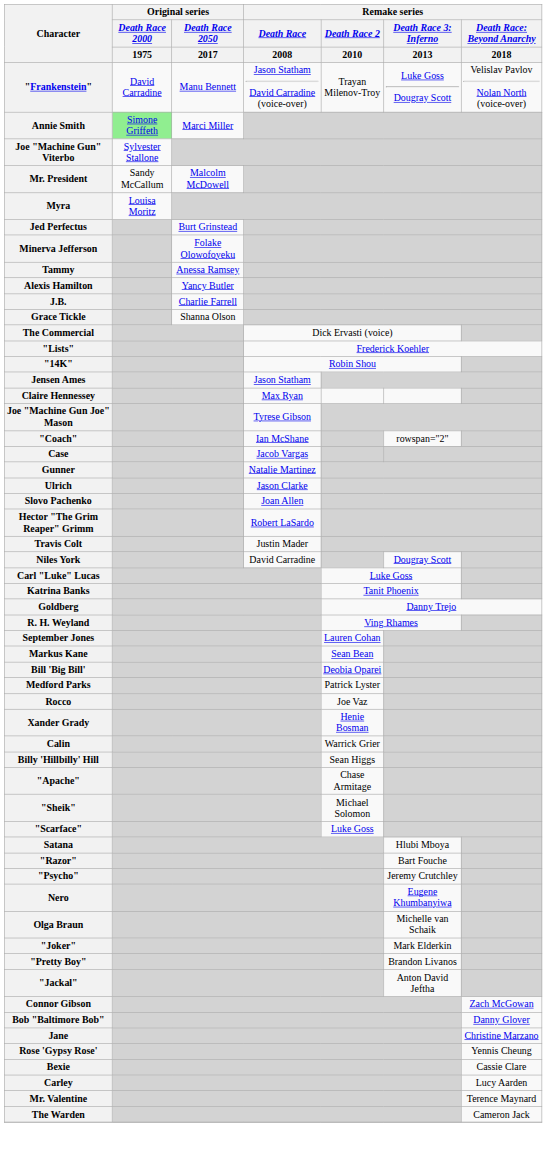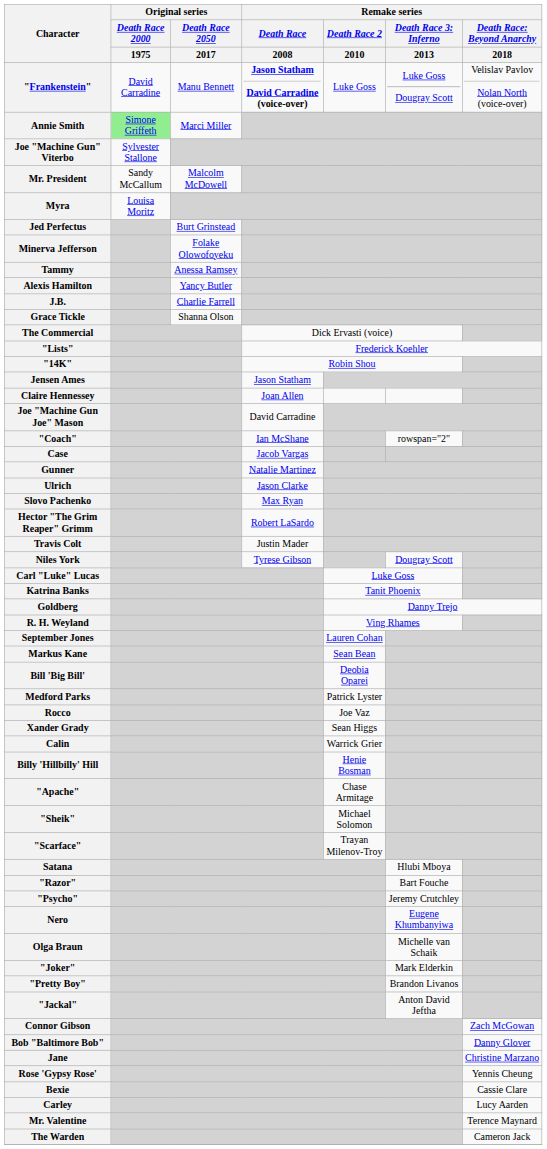 <table class="wikitable" style="text-align:center">
 <tr>
 <th rowspan="3">Character</th>
 <th colspan="2">Original series</th>
 <th colspan="4">Remake series</th>
 </tr>
 <tr>
 <th><em><a href='#'>Death Race 2000</a></em></th>
 <th><em><a href='#'>Death Race 2050</a></em></th>
 <th><em><a href='#'>Death Race</a></em></th>
 <th><em><a href='#'>Death Race 2</a></em></th>
 <th><em><a href='#'>Death Race 3: Inferno</a></em></th>
 <th><em><a href='#'>Death Race: Beyond Anarchy</a></em></th>
 </tr>
 <tr>
 <th>1975</th>
 <th>2017</th>
 <th>2008</th>
 <th>2010</th>
 <th>2013</th>
 <th>2018</th>
 </tr>
 <tr>
 <th>"<a href='#'>Frankenstein</a>"</th>
 <td><a href='#'>David Carradine</a></td>
 <td><a href='#'>Manu Bennett</a></td>
-<td><a href='#'>Jason Statham</a><hr><a href='#'>David Carradine</a> (voice-over)</td>
-<td>Trayan Milenov-Troy</td>
+<td><strong><a href='#'>Jason Statham</a><hr><a href='#'>David Carradine</a> (voice-over)</strong></td>
+<td><a href='#'>Luke Goss</a></td>
 <td><a href='#'>Luke Goss</a><hr><a href='#'>Dougray Scott</a></td>
 <td>Velislav Pavlov<hr><a href='#'>Nolan North</a> (voice-over)</td>
 </tr>
 <tr>
 <th>Annie Smith</th>
 <td style="background: lightgreen;"><a href='#'>Simone Griffeth</a></td>
 <td><a href='#'>Marci Miller</a></td>
 <td colspan="4" style="background:lightgrey;"> </td>
 </tr>
 <tr>
 <th>Joe "Machine Gun" Viterbo</th>
 <td><a href='#'>Sylvester Stallone</a></td>
 <td colspan="7" style="background:lightgrey;"> </td>
 </tr>
 <tr>
 <th>Mr. President</th>
 <td>Sandy McCallum</td>
 <td><a href='#'>Malcolm McDowell</a></td>
 <td colspan="4" style="background:lightgrey;"> </td>
 </tr>
 <tr>
 <th>Myra</th>
 <td><a href='#'>Louisa Moritz</a></td>
 <td colspan="5" style="background:lightgrey;"> </td>
 </tr>
 <tr>
 <th>Jed Perfectus</th>
 <td style="background:lightgrey;"> </td>
 <td><a href='#'>Burt Grinstead</a></td>
 <td colspan="4" style="background:lightgrey;"> </td>
 </tr>
 <tr>
 <th>Minerva Jefferson</th>
 <td style="background:lightgrey;"> </td>
 <td><a href='#'>Folake Olowofoyeku</a></td>
 <td colspan="4" style="background:lightgrey;"> </td>
 </tr>
 <tr>
 <th>Tammy</th>
 <td style="background:lightgrey;"> </td>
 <td><a href='#'>Anessa Ramsey</a></td>
 <td colspan="4" style="background:lightgrey;"> </td>
 </tr>
 <tr>
 <th>Alexis Hamilton</th>
 <td style="background:lightgrey;"> </td>
 <td><a href='#'>Yancy Butler</a></td>
 <td colspan="4" style="background:lightgrey;"> </td>
 </tr>
 <tr>
 <th>J.B.</th>
 <td style="background:lightgrey;"> </td>
 <td><a href='#'>Charlie Farrell</a></td>
 <td colspan="4" style="background:lightgrey;"> </td>
 </tr>
 <tr>
 <th>Grace Tickle</th>
 <td style="background:lightgrey;"> </td>
 <td>Shanna Olson</td>
 <td colspan="4" style="background:lightgrey;"> </td>
 </tr>
 <tr>
 <th>The Commercial</th>
 <td colspan="2" style="background:lightgrey;"> </td>
 <td colspan="3">Dick Ervasti (voice)</td>
 <td style="background:lightgrey;"> </td>
 </tr>
 <tr>
 <th>"Lists"</th>
 <td colspan="2" style="background:lightgrey;"> </td>
 <td colspan="4"><a href='#'>Frederick Koehler</a></td>
 </tr>
 <tr>
 <th>"14K"</th>
 <td colspan="2" style="background:lightgrey;"> </td>
 <td colspan="3"><a href='#'>Robin Shou</a></td>
 <td style="background:lightgrey;"> </td>
 </tr>
 <tr>
 <th>Jensen Ames</th>
 <td colspan="2" style="background:lightgrey;"> </td>
 <td><a href='#'>Jason Statham</a></td>
 <td colspan="3" style="background:lightgrey;"> </td>
 </tr>
 <tr>
 <th>Claire Hennessey</th>
 <td colspan="2" style="background:lightgrey;"> </td>
-<td><a href='#'>Max Ryan</a></td>
+<td><a href='#'>Joan Allen</a></td>
 <td></td>
 <td></td>
 <td style="background:lightgrey;"> </td>
 </tr>
 <tr>
 <th>Joe "Machine Gun Joe" Mason</th>
 <td colspan="2" style="background:lightgrey;"> </td>
-<td><a href='#'>Tyrese Gibson</a></td>
+<td>David Carradine</td>
 <td colspan="3" style="background:lightgrey;"> </td>
 </tr>
 <tr>
 <th>"Coach"</th>
 <td colspan="2" style="background:lightgrey;"> </td>
 <td><a href='#'>Ian McShane</a></td>
 <td style="background:lightgrey;"> </td>
 <td>rowspan="2" </td>
 <td colspan="2" style="background:lightgrey;"> </td>
 </tr>
 <tr>
 <th>Case</th>
 <td colspan="2" style="background:lightgrey;"> </td>
 <td><a href='#'>Jacob Vargas</a></td>
 <td style="background:lightgrey;"> </td>
 <td colspan="2" style="background:lightgrey;"> </td>
 </tr>
 <tr>
 <th>Gunner</th>
 <td colspan="2" style="background:lightgrey;"> </td>
 <td><a href='#'>Natalie Martinez</a></td>
 <td colspan="3" style="background:lightgrey;"> </td>
 </tr>
 <tr>
 <th>Ulrich</th>
 <td colspan="2" style="background:lightgrey;"> </td>
 <td><a href='#'>Jason Clarke</a></td>
 <td colspan="3" style="background:lightgrey;"> </td>
 </tr>
 <tr>
 <th>Slovo Pachenko</th>
 <td colspan="2" style="background:lightgrey;"> </td>
-<td><a href='#'>Joan Allen</a></td>
+<td><a href='#'>Max Ryan</a></td>
 <td colspan="3" style="background:lightgrey;"> </td>
 </tr>
 <tr>
 <th>Hector "The Grim Reaper" Grimm</th>
 <td colspan="2" style="background:lightgrey;"> </td>
 <td><a href='#'>Robert LaSardo</a></td>
 <td colspan="3" style="background:lightgrey;"> </td>
 </tr>
 <tr>
 <th>Travis Colt</th>
 <td colspan="2" style="background:lightgrey;"> </td>
 <td>Justin Mader</td>
 <td colspan="3" style="background:lightgrey;"> </td>
 </tr>
 <tr>
 <th>Niles York</th>
 <td colspan="2" style="background:lightgrey;"></td>
-<td>David Carradine</td>
+<td><a href='#'>Tyrese Gibson</a></td>
 <td style="background:lightgrey;"></td>
 <td><a href='#'>Dougray Scott</a></td>
 <td style="background:lightgrey;"> </td>
 </tr>
 <tr>
 <th>Carl "Luke" Lucas</th>
 <td colspan="3" style="background:lightgrey;"> </td>
 <td colspan="2"><a href='#'>Luke Goss</a></td>
 <td style="background:lightgrey;"> </td>
 </tr>
 <tr>
 <th>Katrina Banks</th>
 <td colspan="3" style="background:lightgrey;"> </td>
 <td colspan="2"><a href='#'>Tanit Phoenix</a></td>
 <td style="background:lightgrey;"> </td>
 </tr>
 <tr>
 <th>Goldberg</th>
 <td colspan="3" style="background:lightgrey;"> </td>
 <td colspan="3"><a href='#'>Danny Trejo</a></td>
 </tr>
 <tr>
 <th>R. H. Weyland</th>
 <td colspan="3" style="background:lightgrey;"> </td>
 <td colspan="2"><a href='#'>Ving Rhames</a></td>
 <td style="background:lightgrey;"> </td>
 </tr>
 <tr>
 <th>September Jones</th>
 <td colspan="3" style="background:lightgrey;"> </td>
 <td><a href='#'>Lauren Cohan</a></td>
 <td colspan="2" style="background:lightgrey;"> </td>
 </tr>
 <tr>
 <th>Markus Kane</th>
 <td colspan="3" style="background:lightgrey;"> </td>
 <td><a href='#'>Sean Bean</a></td>
 <td colspan="2" style="background:lightgrey;"> </td>
 </tr>
 <tr>
 <th>Bill 'Big Bill'</th>
 <td colspan="3" style="background:lightgrey;"> </td>
 <td><a href='#'>Deobia Oparei</a></td>
 <td colspan="2" style="background:lightgrey;"> </td>
 </tr>
 <tr>
 <th>Medford Parks</th>
 <td colspan="3" style="background:lightgrey;"> </td>
 <td>Patrick Lyster</td>
 <td colspan="2" style="background:lightgrey;"> </td>
 </tr>
 <tr>
 <th>Rocco</th>
 <td colspan="3" style="background:lightgrey;"> </td>
 <td>Joe Vaz</td>
 <td colspan="2" style="background:lightgrey;"> </td>
 </tr>
 <tr>
 <th>Xander Grady</th>
 <td colspan="3" style="background:lightgrey;"> </td>
-<td><a href='#'>Henie Bosman</a></td>
+<td>Sean Higgs</td>
 <td colspan="2" style="background:lightgrey;"> </td>
 </tr>
 <tr>
 <th>Calin</th>
 <td colspan="3" style="background:lightgrey;"> </td>
 <td>Warrick Grier</td>
 <td colspan="2" style="background:lightgrey;"> </td>
 </tr>
 <tr>
 <th>Billy 'Hillbilly' Hill</th>
 <td colspan="3" style="background:lightgrey;"> </td>
-<td>Sean Higgs</td>
+<td><a href='#'>Henie Bosman</a></td>
 <td colspan="2" style="background:lightgrey;"> </td>
 </tr>
 <tr>
 <th>"Apache"</th>
 <td colspan="3" style="background:lightgrey;"> </td>
 <td>Chase Armitage</td>
 <td colspan="2" style="background:lightgrey;"> </td>
 </tr>
 <tr>
 <th>"Sheik"</th>
 <td colspan="3" style="background:lightgrey;"> </td>
 <td>Michael Solomon</td>
 <td colspan="2" style="background:lightgrey;"> </td>
 </tr>
 <tr>
 <th>"Scarface"</th>
 <td colspan="3" style="background:lightgrey;"> </td>
-<td><a href='#'>Luke Goss</a></td>
+<td>Trayan Milenov-Troy</td>
 <td colspan="2" style="background:lightgrey;"> </td>
 </tr>
 <tr>
 <th>Satana</th>
 <td colspan="4" style="background:lightgrey;"> </td>
 <td>Hlubi Mboya</td>
 <td style="background:lightgrey;"> </td>
 </tr>
 <tr>
 <th>"Razor"</th>
 <td colspan="4" style="background:lightgrey;"> </td>
 <td>Bart Fouche</td>
 <td style="background:lightgrey;"> </td>
 </tr>
 <tr>
 <th>"Psycho"</th>
 <td colspan="4" style="background:lightgrey;"> </td>
 <td>Jeremy Crutchley</td>
 <td style="background:lightgrey;"> </td>
 </tr>
 <tr>
 <th>Nero</th>
 <td colspan="4" style="background:lightgrey;"> </td>
 <td><a href='#'>Eugene Khumbanyiwa</a></td>
 <td style="background:lightgrey;"> </td>
 </tr>
 <tr>
 <th>Olga Braun</th>
 <td colspan="4" style="background:lightgrey;"> </td>
 <td>Michelle van Schaik</td>
 <td style="background:lightgrey;"> </td>
 </tr>
 <tr>
 <th>"Joker"</th>
 <td colspan="4" style="background:lightgrey;"> </td>
 <td>Mark Elderkin</td>
 <td style="background:lightgrey;"> </td>
 </tr>
 <tr>
 <th>"Pretty Boy"</th>
 <td colspan="4" style="background:lightgrey;"> </td>
 <td>Brandon Livanos</td>
 <td style="background:lightgrey;"> </td>
 </tr>
 <tr>
 <th>"Jackal"</th>
 <td colspan="4" style="background:lightgrey;"> </td>
 <td>Anton David Jeftha</td>
 <td style="background:lightgrey;"> </td>
 </tr>
 <tr>
 <th>Connor Gibson</th>
 <td colspan="5" style="background:lightgrey;"> </td>
 <td><a href='#'>Zach McGowan</a></td>
 </tr>
 <tr>
 <th>Bob "Baltimore Bob"</th>
 <td colspan="5" style="background:lightgrey;"> </td>
 <td><a href='#'>Danny Glover</a></td>
 </tr>
 <tr>
 <th>Jane</th>
 <td colspan="5" style="background:lightgrey;"> </td>
 <td><a href='#'>Christine Marzano</a></td>
 </tr>
 <tr>
 <th>Rose 'Gypsy Rose'</th>
 <td colspan="5" style="background:lightgrey;"> </td>
 <td>Yennis Cheung</td>
 </tr>
 <tr>
 <th>Bexie</th>
 <td colspan="5" style="background:lightgrey;"> </td>
 <td>Cassie Clare</td>
 </tr>
 <tr>
 <th>Carley</th>
 <td colspan="5" style="background:lightgrey;"> </td>
 <td>Lucy Aarden</td>
 </tr>
 <tr>
 <th>Mr. Valentine</th>
 <td colspan="5" style="background:lightgrey;"> </td>
 <td>Terence Maynard</td>
 </tr>
 <tr>
 <th>The Warden</th>
 <td colspan="5" style="background:lightgrey;"> </td>
 <td>Cameron Jack</td>
 </tr>
 <tr>
 </tr>
 </table>
